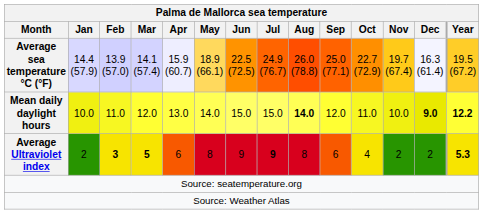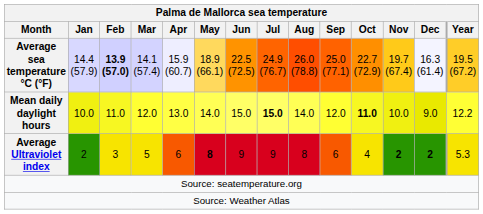 <table style="width:100%;text-align:center;line-height:1.2em;margin-left:auto;margin-right:auto" class="wikitable mw-collapsible">
 <tr>
 <th Colspan=14>Palma de Mallorca sea temperature</th>
 </tr>
 <tr>
 <th>Month</th>
 <th>Jan</th>
 <th>Feb</th>
 <th>Mar</th>
 <th>Apr</th>
 <th>May</th>
 <th>Jun</th>
 <th>Jul</th>
 <th>Aug</th>
 <th>Sep</th>
 <th>Oct</th>
 <th>Nov</th>
 <th>Dec</th>
 <th style="border-left-width:medium">Year</th>
 </tr>
 <tr>
 <th>Average sea temperature °C (°F)</th>
 <td style="background:#D8D8FF;color:#000000;">14.4<br>(57.9)</td>
-<td style="background:#D0D0FF;color:#000000;">13.9<br>(57.0)</td>
+<td style="background:#D0D0FF;color:#000000;"><strong>13.9<br>(57.0)</strong></td>
 <td style="background:#D3D3FF;color:#000000;">14.1<br>(57.4)</td>
 <td style="background:#EEEEFF;color:#000000;">15.9<br>(60.7)</td>
 <td style="background:#FFD95D;color:#000000;">18.9<br>(66.1)</td>
 <td style="background:#FF9300;color:#000000;">22.5<br>(72.5)</td>
 <td style="background:#FF6400;color:#000000;">24.9<br>(76.7)</td>
 <td style="background:#FF4E00;color:#000000;">26.0<br>(78.8)</td>
 <td style="background:#FF6200;color:#000000;">25.0<br>(77.1)</td>
 <td style="background:#FF8F00;color:#000000;">22.7<br>(72.9)</td>
 <td style="background:#FFCA19;color:#000000;">19.7<br>(67.4)</td>
 <td style="background:#F4F4FF;color:#000000;">16.3<br>(61.4)</td>
 <td style="background:#FFCD28;color:#000000;border-left-width:medium">19.5<br>(67.2)</td>
 </tr>
 <tr>
 <th>Mean daily daylight hours</th>
 <td style="background:#F0F011;color:#000000;">10.0</td>
 <td style="background:#F7F722;color:#000000;">11.0</td>
 <td style="background:#FFFF33;color:#000000;">12.0</td>
 <td style="background:#FFFF44;color:#000000;">13.0</td>
 <td style="background:#FFFF55;color:#000000;">14.0</td>
 <td style="background:#FFFF66;color:#000000;">15.0</td>
-<td style="background:#FFFF66;color:#000000;">15.0</td>
-<td style="background:#FFFF55;color:#000000;"><strong>14.0</strong></td>
+<td style="background:#FFFF66;color:#000000;"><strong>15.0</strong></td>
+<td style="background:#FFFF55;color:#000000;">14.0</td>
 <td style="background:#FFFF33;color:#000000;">12.0</td>
-<td style="background:#F7F722;color:#000000;">11.0</td>
+<td style="background:#F7F722;color:#000000;"><strong>11.0</strong></td>
 <td style="background:#F0F011;color:#000000;">10.0</td>
-<td style="background:#E9E900;color:#000000;"><strong>9.0</strong></td>
-<td style="background:#FFFF35;color:#000000;"><strong>12.2</strong></td>
+<td style="background:#E9E900;color:#000000;">9.0</td>
+<td style="background:#FFFF35;color:#000000;">12.2</td>
 </tr>
 <tr>
 <th>Average <a href='#'>Ultraviolet index</a></th>
 <td style="background:#289500;color:#000000;">2</td>
-<td style="background:#f7e400;color:#000000;"><strong>3</strong></td>
-<td style="background:#f7e400;color:#000000;"><strong>5</strong></td>
+<td style="background:#f7e400;color:#000000;">3</td>
+<td style="background:#f7e400;color:#000000;">5</td>
 <td style="background:#f85900;color:#000000;">6</td>
-<td style="background:#d8001d;color:#000000;">8</td>
+<td style="background:#d8001d;color:#000000;"><strong>8</strong></td>
 <td style="background:#d8001d;color:#000000;">9</td>
-<td style="background:#d8001d;color:#000000;"><strong>9</strong></td>
+<td style="background:#d8001d;color:#000000;">9</td>
 <td style="background:#d8001d;color:#000000;">8</td>
 <td style="background:#f85900;color:#000000;">6</td>
 <td style="background:#f7e400;color:#000000;">4</td>
-<td style="background:#289500;color:#000000;">2</td>
-<td style="background:#289500;color:#000000;">2</td>
-<td style="background:#f7e400;color:#000000;border-left-width:medium"><strong>5.3</strong></td>
+<td style="background:#289500;color:#000000;"><strong>2</strong></td>
+<td style="background:#289500;color:#000000;"><strong>2</strong></td>
+<td style="background:#f7e400;color:#000000;border-left-width:medium">5.3</td>
 </tr>
 <tr>
 <th Colspan=14 style="background:#f8f9fa;font-weight:normal;font-size:95%;">Source: seatemperature.org</th>
 </tr>
 <tr>
 <th Colspan=14 style="background:#f8f9fa;font-weight:normal;font-size:95%;">Source: Weather Atlas</th>
 </tr>
 </table>
